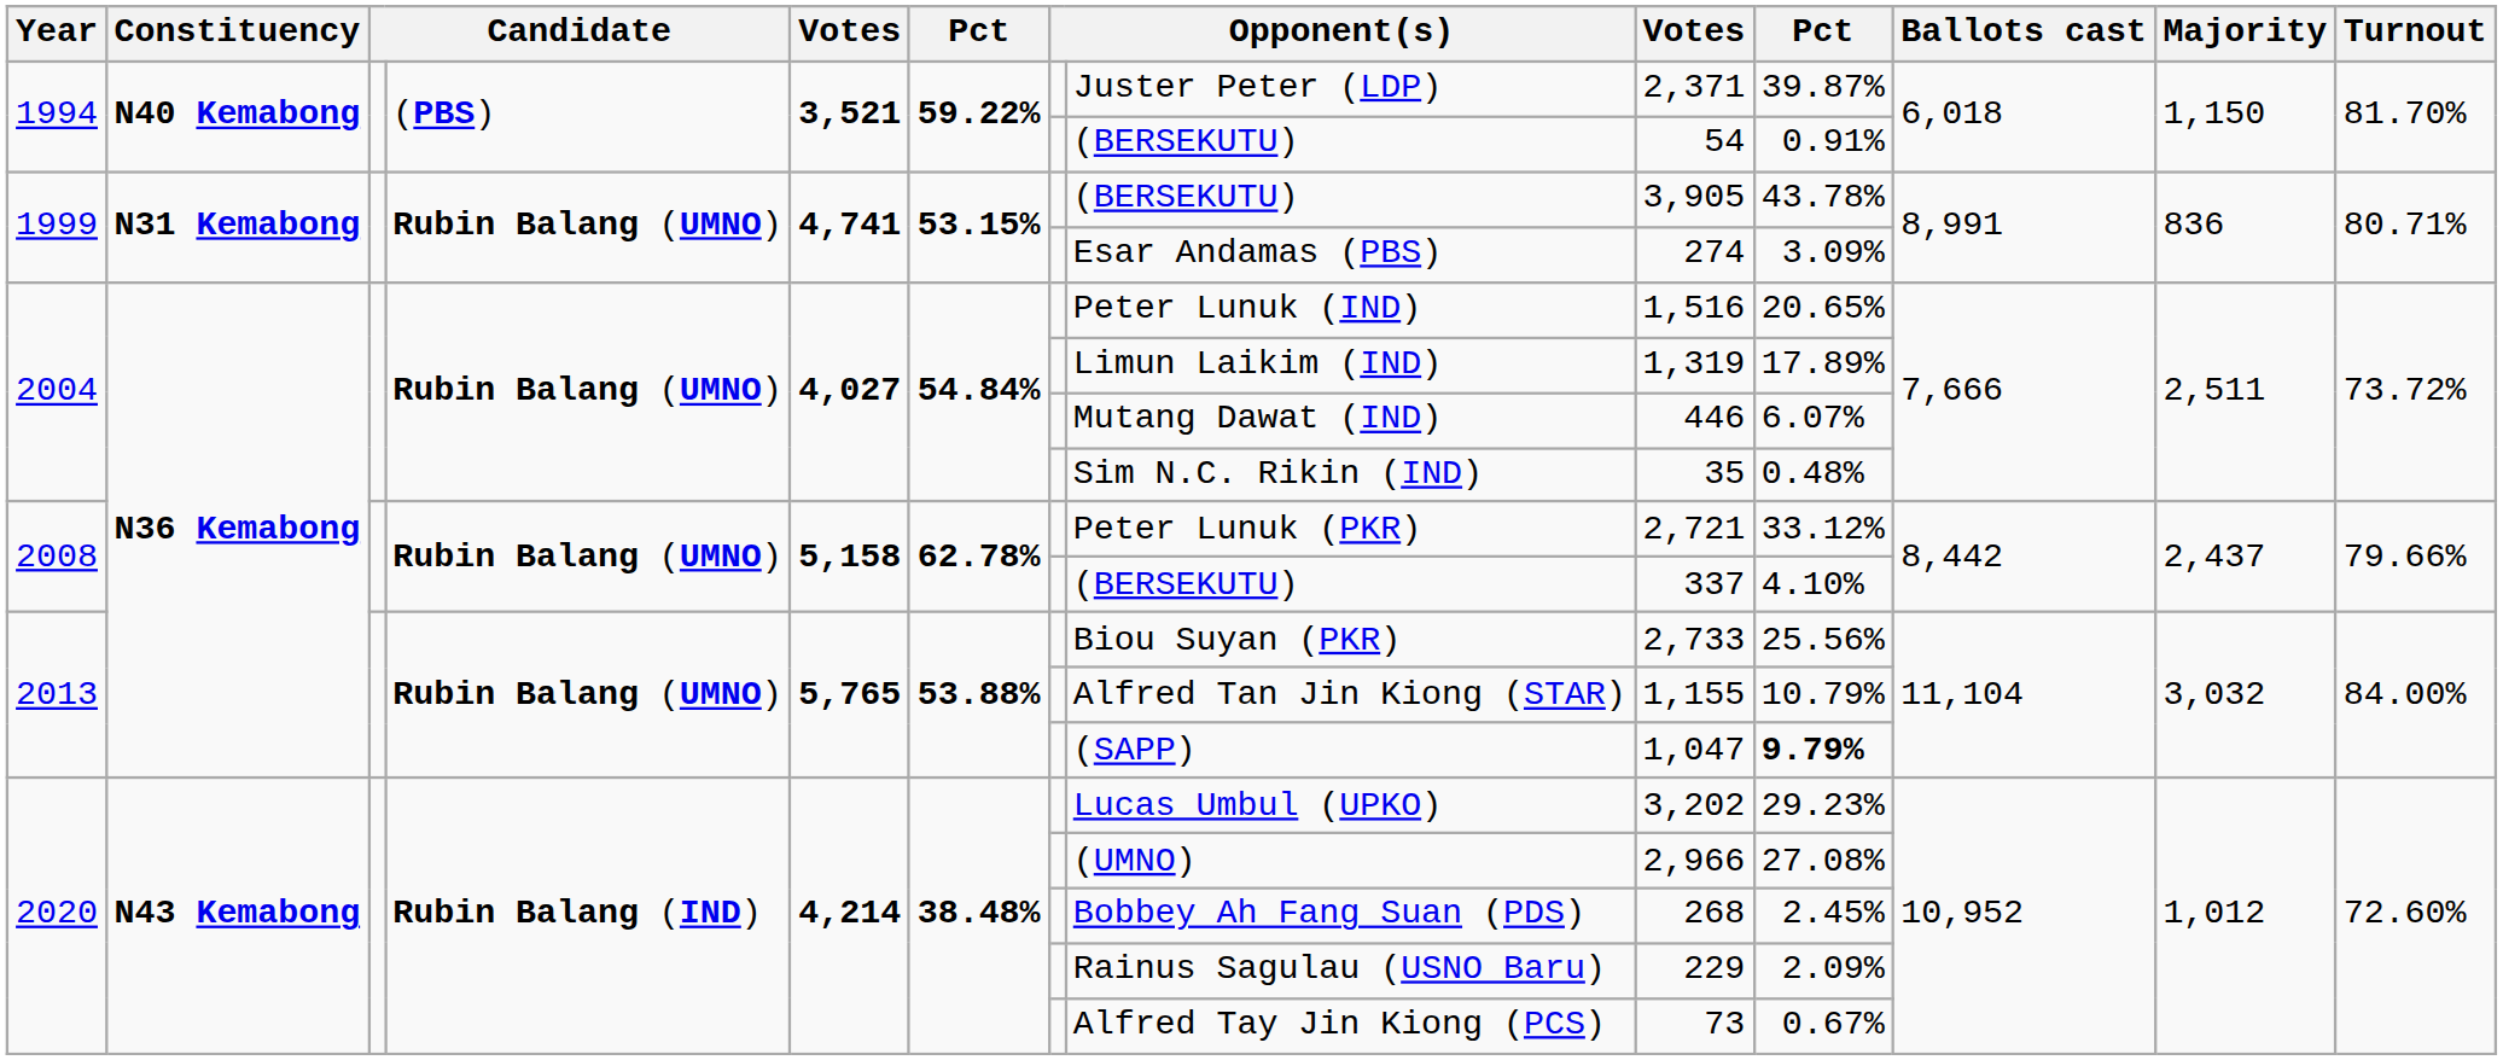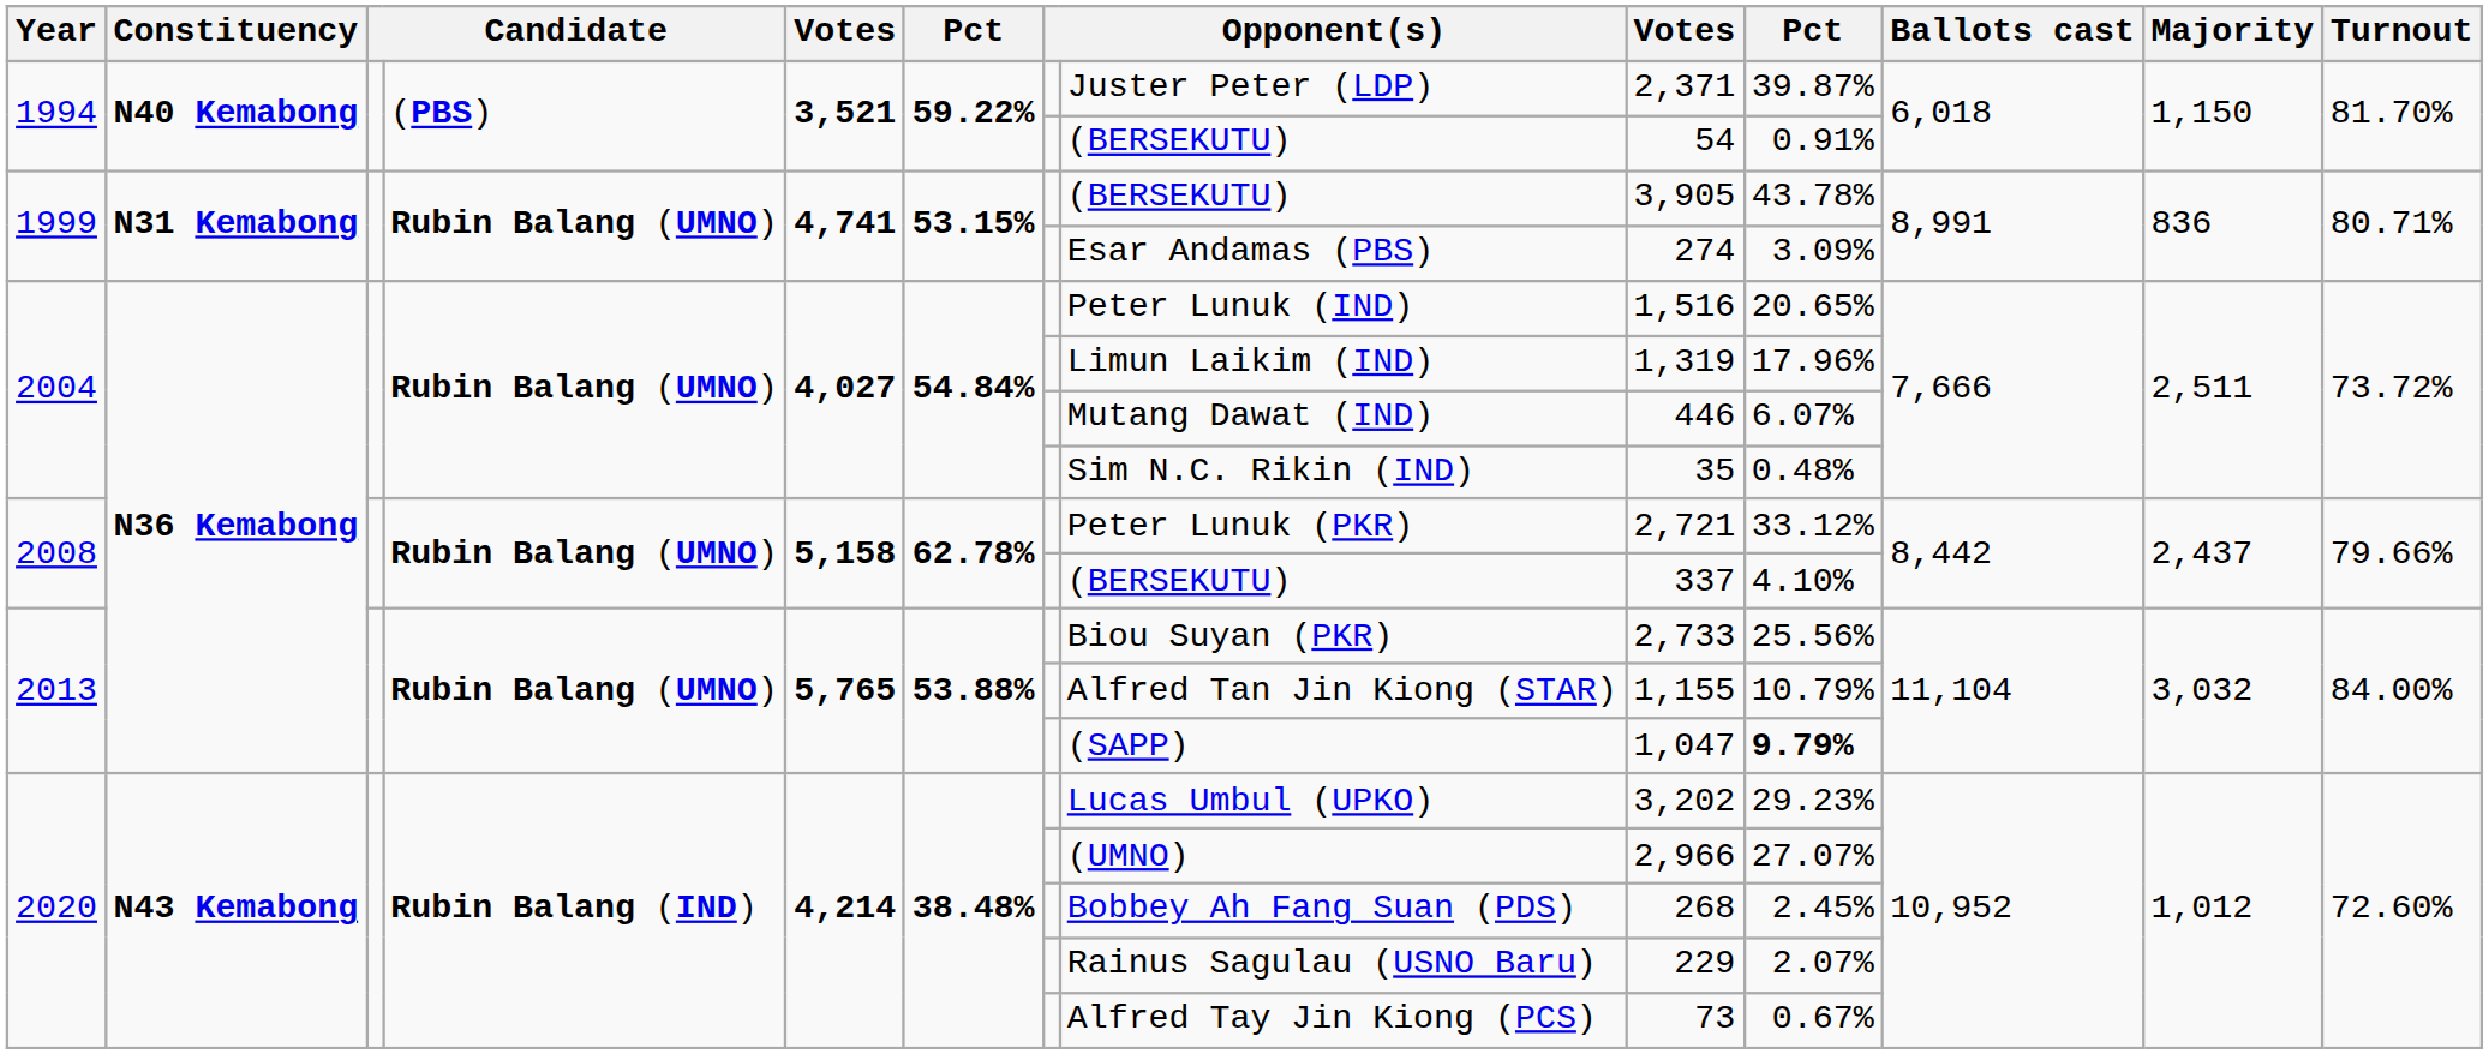 <table class="wikitable" style="margin:0.5em ; font-size:95%">
 <tr>
 <th>Year</th>
 <th>Constituency</th>
 <th colspan=2>Candidate</th>
 <th>Votes</th>
 <th>Pct</th>
 <th colspan=2>Opponent(s)</th>
 <th>Votes</th>
 <th>Pct</th>
 <th>Ballots cast</th>
 <th>Majority</th>
 <th>Turnout</th>
 </tr>
 <tr>
 <td rowspan=2><a href='#'>1994</a></td>
 <td rowspan=2><strong>N40 <a href='#'>Kemabong</a></strong></td>
 <td rowspan=2 ></td>
 <td rowspan=2> (<a href='#'><strong>PBS</strong></a>)</td>
 <td rowspan=2 align="right"><strong>3,521</strong></td>
 <td rowspan=2><strong>59.22%</strong></td>
 <td></td>
 <td>Juster Peter (<a href='#'>LDP</a>)</td>
 <td align="right">2,371</td>
 <td>39.87%</td>
 <td rowspan=2>6,018</td>
 <td rowspan=2>1,150</td>
 <td rowspan=2>81.70%</td>
 </tr>
 <tr>
 <td></td>
 <td> (<a href='#'>BERSEKUTU</a>)</td>
 <td align="right">54</td>
 <td align=right>0.91%</td>
 </tr>
 <tr>
 <td rowspan=2><a href='#'>1999</a></td>
 <td rowspan=2><strong>N31 <a href='#'>Kemabong</a></strong></td>
 <td rowspan=2 ></td>
 <td rowspan=2><strong>Rubin Balang</strong> (<a href='#'><strong>UMNO</strong></a>)</td>
 <td rowspan=2 align="right"><strong>4,741</strong></td>
 <td rowspan=2><strong>53.15%</strong></td>
 <td></td>
 <td> (<a href='#'>BERSEKUTU</a>)</td>
 <td align="right">3,905</td>
 <td>43.78%</td>
 <td rowspan=2>8,991</td>
 <td rowspan=2>836</td>
 <td rowspan=2>80.71%</td>
 </tr>
 <tr>
 <td></td>
 <td>Esar Andamas (<a href='#'>PBS</a>)</td>
 <td align="right">274</td>
 <td align="right">3.09%</td>
 </tr>
 <tr>
 <td rowspan=4><a href='#'>2004</a></td>
 <td rowspan=9><strong>N36 <a href='#'>Kemabong</a></strong></td>
 <td rowspan=4 ></td>
 <td rowspan=4><strong>Rubin Balang</strong> (<a href='#'><strong>UMNO</strong></a>)</td>
 <td rowspan=4 align="right"><strong>4,027</strong></td>
 <td rowspan=4><strong>54.84%</strong></td>
 <td></td>
 <td>Peter Lunuk (<a href='#'>IND</a>)</td>
 <td align="right">1,516</td>
 <td>20.65%</td>
 <td rowspan=4>7,666</td>
 <td rowspan=4>2,511</td>
 <td rowspan=4>73.72%</td>
 </tr>
 <tr>
 <td></td>
 <td>Limun Laikim (<a href='#'>IND</a>)</td>
 <td align="right">1,319</td>
-<td>17.89%</td>
+<td>17.96%</td>
 </tr>
 <tr>
 <td></td>
 <td>Mutang Dawat (<a href='#'>IND</a>)</td>
 <td align="right">446</td>
 <td>6.07%</td>
 </tr>
 <tr>
 <td></td>
 <td>Sim N.C. Rikin (<a href='#'>IND</a>)</td>
 <td align="right">35</td>
 <td>0.48%</td>
 </tr>
 <tr>
 <td rowspan=2><a href='#'>2008</a></td>
 <td rowspan=2 ></td>
 <td rowspan=2><strong>Rubin Balang</strong> (<a href='#'><strong>UMNO</strong></a>)</td>
 <td rowspan=2 align="right"><strong>5,158</strong></td>
 <td rowspan=2><strong>62.78%</strong></td>
 <td></td>
 <td>Peter Lunuk (<a href='#'>PKR</a>)</td>
 <td align="right">2,721</td>
 <td>33.12%</td>
 <td rowspan=2>8,442</td>
 <td rowspan=2>2,437</td>
 <td rowspan=2>79.66%</td>
 </tr>
 <tr>
 <td></td>
 <td> (<a href='#'>BERSEKUTU</a>)</td>
 <td align="right">337</td>
 <td>4.10%</td>
 </tr>
 <tr>
 <td rowspan=3><a href='#'>2013</a></td>
 <td rowspan=3 ></td>
 <td rowspan=3><strong>Rubin Balang</strong> (<a href='#'><strong>UMNO</strong></a>)</td>
 <td rowspan=3 align="right"><strong>5,765</strong></td>
 <td rowspan=3><strong>53.88%</strong></td>
 <td></td>
 <td>Biou Suyan (<a href='#'>PKR</a>)</td>
 <td align="right">2,733</td>
 <td>25.56%</td>
 <td rowspan=3>11,104</td>
 <td rowspan=3>3,032</td>
 <td rowspan=3>84.00%</td>
 </tr>
 <tr>
 <td></td>
 <td>Alfred Tan Jin Kiong (<a href='#'>STAR</a>)</td>
 <td align="right">1,155</td>
 <td>10.79%</td>
 </tr>
 <tr>
 <td></td>
 <td> (<a href='#'>SAPP</a>)</td>
 <td align="right">1,047</td>
 <td><strong>9.79%</strong></td>
 </tr>
 <tr>
 <td rowspan=5><a href='#'>2020</a></td>
 <td rowspan=5><strong>N43 <a href='#'>Kemabong</a></strong></td>
 <td rowspan=5 ></td>
 <td rowspan=5><strong>Rubin Balang</strong> (<a href='#'><strong>IND</strong></a>)</td>
 <td rowspan=5 align="right"><strong>4,214</strong></td>
 <td rowspan=5><strong>38.48%</strong></td>
 <td></td>
 <td><a href='#'>Lucas Umbul</a> (<a href='#'>UPKO</a>)</td>
 <td align="right">3,202</td>
 <td>29.23%</td>
 <td rowspan=5>10,952</td>
 <td rowspan=5>1,012</td>
 <td rowspan=5>72.60%</td>
 </tr>
 <tr>
 <td></td>
 <td> (<a href='#'>UMNO</a>)</td>
 <td align="right">2,966</td>
-<td>27.08%</td>
+<td>27.07%</td>
 </tr>
 <tr>
 <td></td>
 <td><a href='#'>Bobbey Ah Fang Suan</a> (<a href='#'>PDS</a>)</td>
 <td align="right">268</td>
 <td align="right">2.45%</td>
 </tr>
 <tr>
 <td></td>
 <td>Rainus Sagulau (<a href='#'>USNO Baru</a>)</td>
 <td align="right">229</td>
-<td align="right">2.09%</td>
+<td align="right">2.07%</td>
 </tr>
 <tr>
 <td bgcolor=></td>
 <td>Alfred Tay Jin Kiong (<a href='#'>PCS</a>)</td>
 <td align="right">73</td>
 <td align="right">0.67%</td>
 </tr>
 </table>
